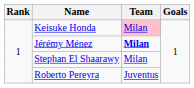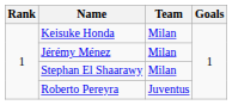 <table class="wikitable" style="text-align: center;">
 <tr>
 <th>Rank</th>
 <th>Name</th>
 <th>Team</th>
 <th>Goals</th>
 </tr>
 <tr>
 <td rowspan=4>1</td>
 <td align="left"> <a href='#'>Keisuke Honda</a></td>
-<td align="left" style="background: pink;"> <a href='#'>Milan</a></td>
+<td align="left"> <a href='#'>Milan</a></td>
 <td rowspan="4">1</td>
 </tr>
 <tr>
 <td align="left"> <a href='#'>Jérémy Ménez</a></td>
-<td align="left"><strong> <a href='#'>Milan</a></strong></td>
+<td align="left"> <a href='#'>Milan</a></td>
 </tr>
 <tr>
 <td align="left"> <a href='#'>Stephan El Shaarawy</a></td>
 <td align="left"> <a href='#'>Milan</a></td>
 </tr>
 <tr>
 <td align="left"> <a href='#'>Roberto Pereyra</a></td>
 <td align="left"> <a href='#'>Juventus</a></td>
 </tr>
 </table>
